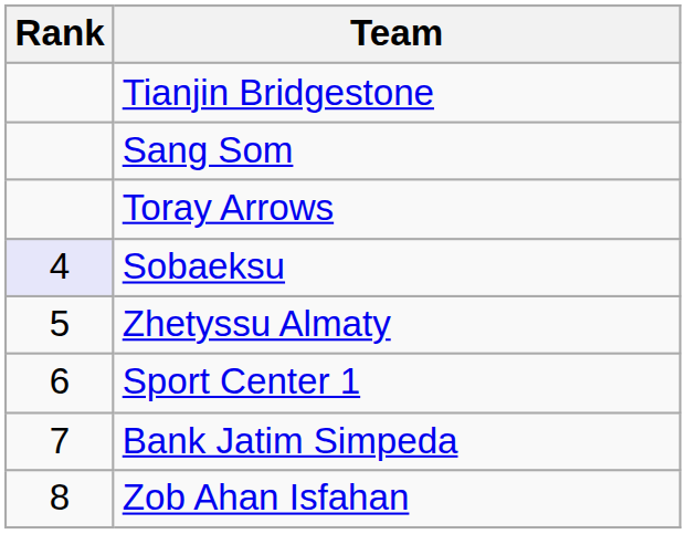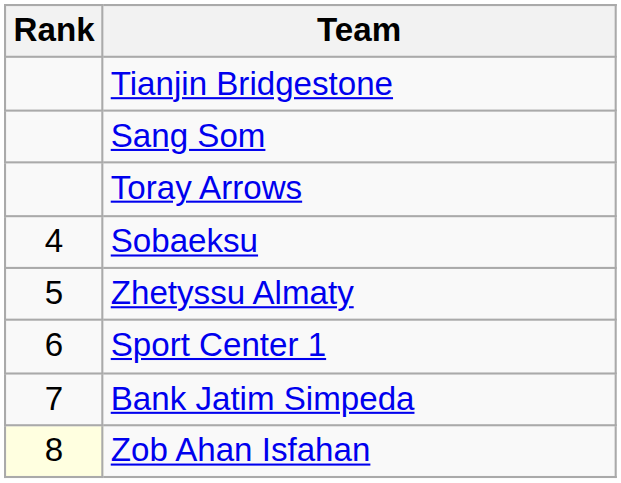 <table class="wikitable" style="text-align: center;">
 <tr>
 <th width=40>Rank</th>
 <th width=240>Team</th>
 </tr>
 <tr>
 <td></td>
 <td align="left"> <a href='#'>Tianjin Bridgestone</a></td>
 </tr>
 <tr>
 <td></td>
 <td align="left"> <a href='#'>Sang Som</a></td>
 </tr>
 <tr>
 <td></td>
 <td align="left"> <a href='#'>Toray Arrows</a></td>
 </tr>
 <tr>
-<td style="background: lavender;">4</td>
+<td>4</td>
 <td align="left"> <a href='#'>Sobaeksu</a></td>
 </tr>
 <tr>
 <td>5</td>
 <td align="left"> <a href='#'>Zhetyssu Almaty</a></td>
 </tr>
 <tr>
 <td>6</td>
 <td align="left"> <a href='#'>Sport Center 1</a></td>
 </tr>
 <tr>
 <td>7</td>
 <td align="left"> <a href='#'>Bank Jatim Simpeda</a></td>
 </tr>
 <tr>
-<td>8</td>
+<td style="background: lightyellow;">8</td>
 <td align="left"> <a href='#'>Zob Ahan Isfahan</a></td>
 </tr>
 </table>
